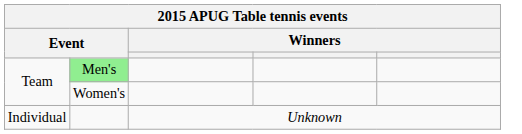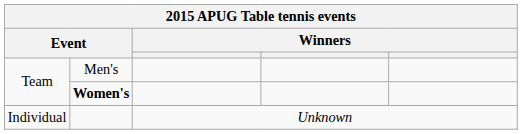 <table class="wikitable" style="text-align:center; font-size:90%;">
 <tr>
 <th colspan=5>2015 APUG Table tennis events</th>
 </tr>
 <tr>
 <th colspan=2 rowspan=2>Event</th>
 <th colspan=3>Winners</th>
 </tr>
 <tr>
 <th width=25%></th>
 <th width=25%></th>
 <th width=25%></th>
 </tr>
 <tr>
 <td rowspan=2>Team</td>
-<td style="background: lightgreen;">Men's</td>
+<td>Men's</td>
 <td></td>
 <td></td>
 <td></td>
 </tr>
 <tr>
-<td>Women's</td>
+<td><strong>Women's</strong></td>
 <td></td>
 <td></td>
 <td></td>
 </tr>
 <tr>
 <td>Individual</td>
 <td></td>
 <td colspan=3><em>Unknown</em></td>
 </tr>
 </table>
